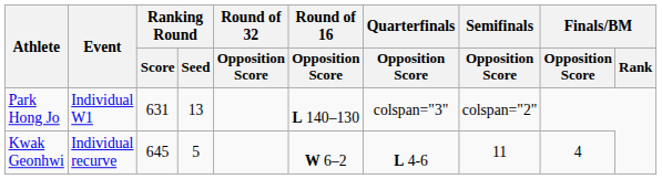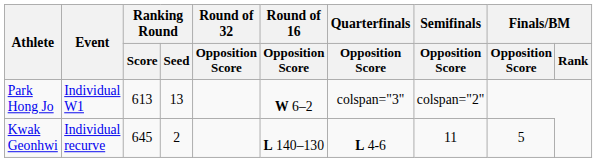 <table class="wikitable" style="text-align: center; font-size:90%">
 <tr>
 <th rowspan="2">Athlete</th>
 <th rowspan="2">Event</th>
 <th colspan="2">Ranking Round</th>
 <th>Round of 32</th>
 <th>Round of 16</th>
 <th>Quarterfinals</th>
 <th>Semifinals</th>
 <th colspan="2">Finals/BM</th>
 </tr>
 <tr style="font-size:95%">
 <th>Score</th>
 <th>Seed</th>
 <th>Opposition<br>Score</th>
 <th>Opposition<br>Score</th>
 <th>Opposition<br>Score</th>
 <th>Opposition<br>Score</th>
 <th>Opposition<br>Score</th>
 <th>Rank</th>
 </tr>
 <tr>
 <td align=left><a href='#'>Park Hong Jo</a></td>
 <td align=left><a href='#'>Individual W1</a></td>
-<td>631</td>
+<td>613</td>
 <td>13</td>
 <td></td>
-<td> <br> <strong>L</strong> 140–130</td>
+<td> <br> <strong>W</strong> 6–2</td>
 <td>colspan="3" </td>
 <td>colspan="2" </td>
 </tr>
 <tr>
 <td align=left><a href='#'>Kwak Geonhwi</a></td>
 <td align=left><a href='#'>Individual recurve</a></td>
 <td>645</td>
-<td>5</td>
+<td>2</td>
 <td></td>
-<td> <br> <strong>W</strong> 6–2</td>
+<td> <br> <strong>L</strong> 140–130</td>
 <td> <br> <strong>L</strong> 4-6</td>
 <td>11</td>
-<td>4</td>
+<td>5</td>
 </tr>
 </table>
